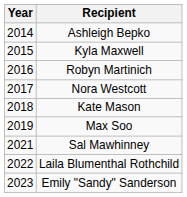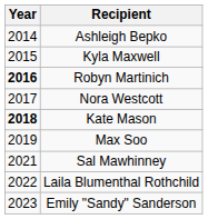 <table class="wikitable" style="text-align:center">
 <tr>
 <th>Year</th>
 <th>Recipient</th>
 </tr>
 <tr>
 <td>2014</td>
 <td>Ashleigh Bepko</td>
 </tr>
 <tr>
 <td>2015</td>
 <td>Kyla Maxwell</td>
 </tr>
 <tr>
-<td>2016</td>
+<td><strong>2016</strong></td>
 <td>Robyn Martinich</td>
 </tr>
 <tr>
 <td>2017</td>
 <td>Nora Westcott</td>
 </tr>
 <tr>
-<td>2018</td>
+<td><strong>2018</strong></td>
 <td>Kate Mason</td>
 </tr>
 <tr>
 <td>2019</td>
 <td>Max Soo</td>
 </tr>
 <tr>
 <td>2021</td>
 <td>Sal Mawhinney</td>
 </tr>
 <tr>
 <td>2022</td>
 <td>Laila Blumenthal Rothchild</td>
 </tr>
 <tr>
 <td>2023</td>
 <td>Emily "Sandy" Sanderson</td>
 </tr>
 </table>
